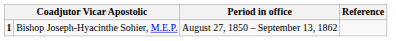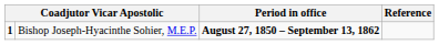 <table class="wikitable">
 <tr>
 <th colspan="2">Coadjutor Vicar Apostolic</th>
 <th>Period in office</th>
 <th>Reference</th>
 </tr>
 <tr>
 <td><strong>1</strong></td>
 <td>Bishop Joseph-Hyacinthe Sohier, <a href='#'>M.E.P.</a></td>
-<td>August 27, 1850 – September 13, 1862</td>
+<td><strong>August 27, 1850 – September 13, 1862</strong></td>
 <td></td>
 </tr>
 </table>
